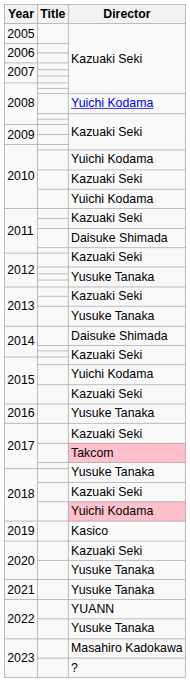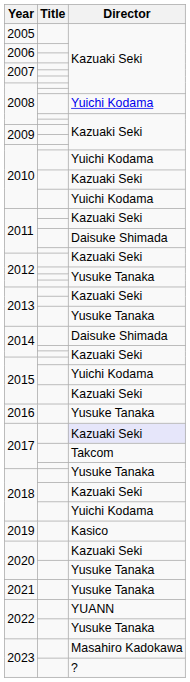 <table class="wikitable">
 <tr>
 <th>Year</th>
 <th>Title</th>
 <th>Director</th>
 </tr>
 <tr>
 <td>2005</td>
 <td></td>
 <td rowspan="8">Kazuaki Seki</td>
 </tr>
 <tr>
 <td rowspan="2">2006</td>
 <td></td>
 </tr>
 <tr>
 <td></td>
 </tr>
 <tr>
 <td rowspan="3">2007</td>
 <td></td>
 </tr>
 <tr>
 <td></td>
 </tr>
 <tr>
 <td></td>
 </tr>
 <tr>
 <td rowspan="5">2008</td>
 <td></td>
 </tr>
 <tr>
 <td></td>
 </tr>
 <tr>
 <td></td>
 <td><a href='#'>Yuichi Kodama</a></td>
 </tr>
 <tr>
 <td></td>
 <td rowspan="5">Kazuaki Seki</td>
 </tr>
 <tr>
 <td></td>
 </tr>
 <tr>
 <td rowspan="2">2009</td>
 <td></td>
 </tr>
 <tr>
 <td></td>
 </tr>
 <tr>
 <td rowspan="4">2010</td>
 <td></td>
 </tr>
 <tr>
 <td></td>
 <td>Yuichi Kodama</td>
 </tr>
 <tr>
 <td></td>
 <td>Kazuaki Seki</td>
 </tr>
 <tr>
 <td></td>
 <td>Yuichi Kodama</td>
 </tr>
 <tr>
 <td rowspan="4">2011</td>
 <td></td>
 <td rowspan="2">Kazuaki Seki</td>
 </tr>
 <tr>
 <td></td>
 </tr>
 <tr>
 <td></td>
 <td>Daisuke Shimada</td>
 </tr>
 <tr>
 <td></td>
 <td rowspan="2">Kazuaki Seki</td>
 </tr>
 <tr>
 <td rowspan="4">2012</td>
 <td></td>
 </tr>
 <tr>
 <td></td>
 <td rowspan="3">Yusuke Tanaka</td>
 </tr>
 <tr>
 <td></td>
 </tr>
 <tr>
 <td></td>
 </tr>
 <tr>
 <td rowspan="3">2013</td>
 <td></td>
 <td rowspan="2">Kazuaki Seki</td>
 </tr>
 <tr>
 <td></td>
 </tr>
 <tr>
 <td></td>
 <td>Yusuke Tanaka</td>
 </tr>
 <tr>
 <td rowspan="3">2014</td>
 <td></td>
 <td>Daisuke Shimada</td>
 </tr>
 <tr>
 <td></td>
 <td rowspan="3">Kazuaki Seki</td>
 </tr>
 <tr>
 <td></td>
 </tr>
 <tr>
 <td rowspan="3">2015</td>
 <td></td>
 </tr>
 <tr>
 <td></td>
 <td>Yuichi Kodama</td>
 </tr>
 <tr>
 <td></td>
 <td>Kazuaki Seki</td>
 </tr>
 <tr>
 <td>2016</td>
 <td></td>
 <td>Yusuke Tanaka</td>
 </tr>
 <tr>
 <td rowspan="3">2017</td>
 <td></td>
-<td>Kazuaki Seki</td>
+<td style="background: lavender;">Kazuaki Seki</td>
 </tr>
 <tr>
 <td></td>
-<td style="background: pink;">Takcom</td>
+<td>Takcom</td>
 </tr>
 <tr>
 <td></td>
 <td rowspan="2">Yusuke Tanaka</td>
 </tr>
 <tr>
 <td rowspan="3">2018</td>
 <td></td>
 </tr>
 <tr>
 <td></td>
 <td>Kazuaki Seki</td>
 </tr>
 <tr>
 <td></td>
-<td style="background: pink;">Yuichi Kodama</td>
+<td>Yuichi Kodama</td>
 </tr>
 <tr>
 <td>2019</td>
 <td></td>
 <td>Kasico</td>
 </tr>
 <tr>
 <td rowspan="2">2020</td>
 <td></td>
 <td>Kazuaki Seki</td>
 </tr>
 <tr>
 <td></td>
 <td>Yusuke Tanaka</td>
 </tr>
 <tr>
 <td>2021</td>
 <td></td>
 <td>Yusuke Tanaka</td>
 </tr>
 <tr>
 <td rowspan="2">2022</td>
 <td></td>
 <td>YUANN</td>
 </tr>
 <tr>
 <td></td>
 <td>Yusuke Tanaka</td>
 </tr>
 <tr>
 <td rowspan="2">2023</td>
 <td></td>
 <td>Masahiro Kadokawa</td>
 </tr>
 <tr>
 <td></td>
 <td>?</td>
 </tr>
 </table>
